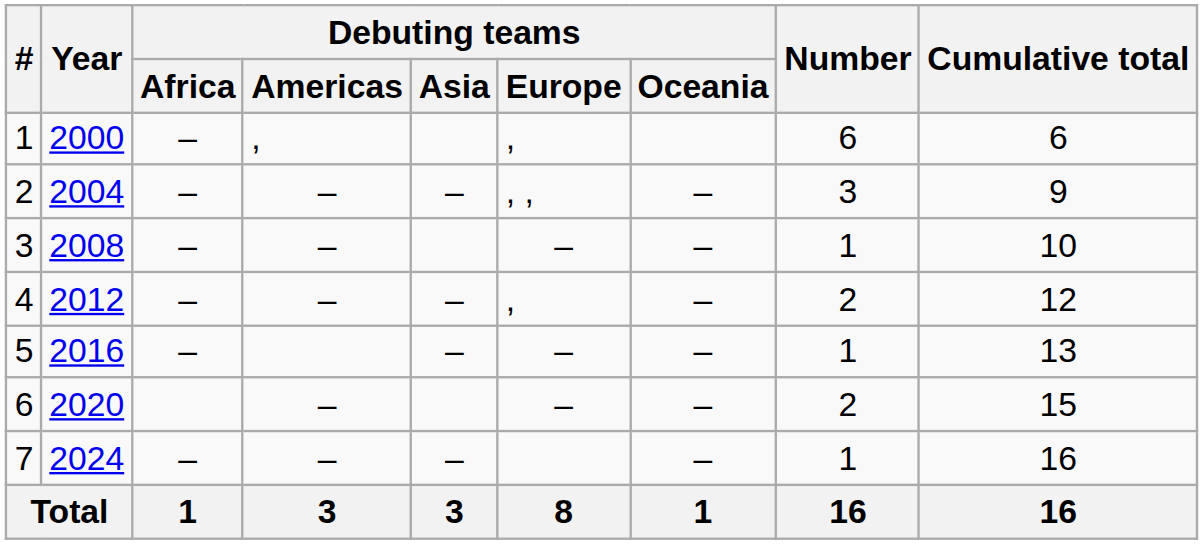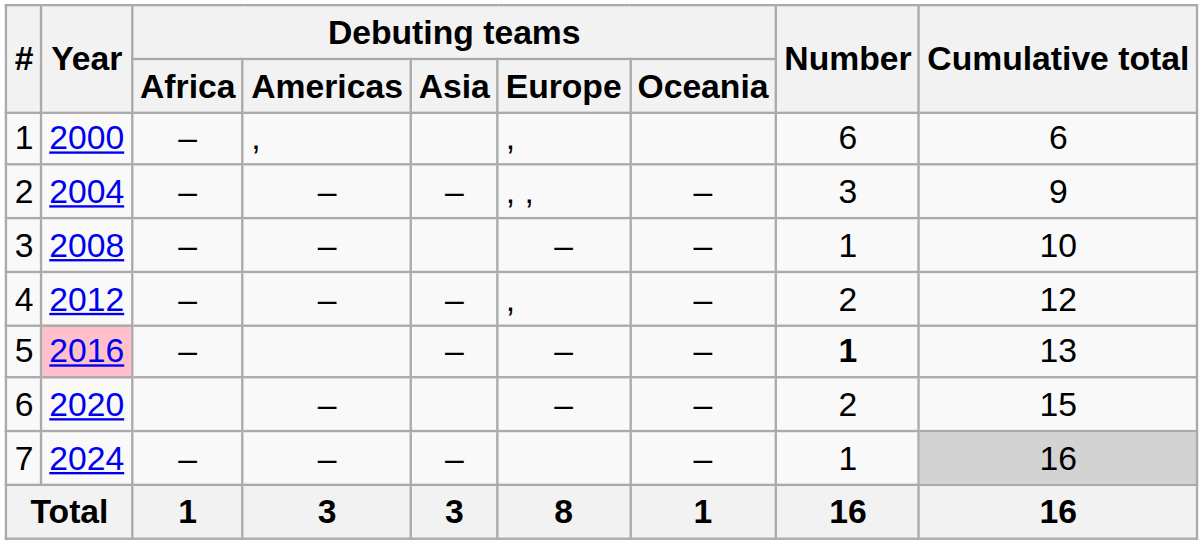 <table class="wikitable" style="text-align: center; font-size: 90%; margin-left: 1em;">
 <tr>
 <th rowspan="2">#</th>
 <th rowspan="2">Year</th>
 <th colspan="5">Debuting teams</th>
 <th rowspan="2">Number</th>
 <th rowspan="2">Cumulative total</th>
 </tr>
 <tr>
 <th>Africa</th>
 <th>Americas</th>
 <th>Asia</th>
 <th>Europe</th>
 <th>Oceania</th>
 </tr>
 <tr>
 <td>1</td>
 <td><a href='#'>2000</a></td>
 <td>–</td>
 <td style="text-align: left;">, </td>
 <td style="text-align: left;"></td>
 <td style="text-align: left;">, </td>
 <td style="text-align: left;"></td>
 <td>6</td>
 <td>6</td>
 </tr>
 <tr>
 <td>2</td>
 <td><a href='#'>2004</a></td>
 <td>–</td>
 <td>–</td>
 <td>–</td>
 <td style="text-align: left;">, , </td>
 <td>–</td>
 <td>3</td>
 <td>9</td>
 </tr>
 <tr>
 <td>3</td>
 <td><a href='#'>2008</a></td>
 <td>–</td>
 <td>–</td>
 <td style="text-align: left;"></td>
 <td>–</td>
 <td>–</td>
 <td>1</td>
 <td>10</td>
 </tr>
 <tr>
 <td>4</td>
 <td><a href='#'>2012</a></td>
 <td>–</td>
 <td>–</td>
 <td>–</td>
 <td style="text-align: left;">, </td>
 <td>–</td>
 <td>2</td>
 <td>12</td>
 </tr>
 <tr>
 <td>5</td>
-<td><a href='#'>2016</a></td>
+<td style="background: pink;"><a href='#'>2016</a></td>
 <td>–</td>
 <td style="text-align: left;"></td>
 <td>–</td>
 <td>–</td>
 <td>–</td>
-<td>1</td>
+<td><strong>1</strong></td>
 <td>13</td>
 </tr>
 <tr>
 <td>6</td>
 <td><a href='#'>2020</a></td>
 <td style="text-align: left;"></td>
 <td>–</td>
 <td style="text-align: left;"></td>
 <td>–</td>
 <td>–</td>
 <td>2</td>
 <td>15</td>
 </tr>
 <tr>
 <td>7</td>
 <td><a href='#'>2024</a></td>
 <td>–</td>
 <td>–</td>
 <td>–</td>
 <td style="text-align: left;"></td>
 <td>–</td>
 <td>1</td>
-<td>16</td>
+<td style="background: lightgrey;">16</td>
 </tr>
 <tr>
 <th colspan="2">Total</th>
 <th>1</th>
 <th>3</th>
 <th>3</th>
 <th>8</th>
 <th>1</th>
 <th>16</th>
 <th>16</th>
 </tr>
 </table>
